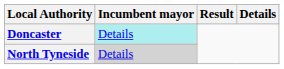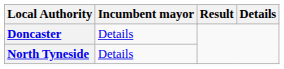 <table class="wikitable">
 <tr>
 <th scope="col">Local Authority</th>
 <th scope="col" colspan=2>Incumbent mayor</th>
 <th scope="col" colspan=2>Result</th>
 <th scope="col">Details</th>
 </tr>
 <tr>
 <th scope="row" style="text-align: left;"><a href='#'>Doncaster</a><br> </th>
-<td style="background: paleturquoise;"><a href='#'>Details</a></td>
+<td><a href='#'>Details</a></td>
 </tr>
 <tr>
 <th scope="row" style="text-align: left;"><a href='#'>North Tyneside</a><br> </th>
-<td style="background: lightgrey;"><a href='#'>Details</a></td>
+<td><a href='#'>Details</a></td>
 </tr>
 </table>
